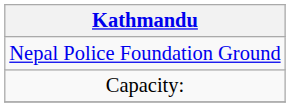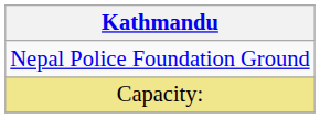 <table class="wikitable" style="margin:1em auto; text-align:center">
 <tr>
 <th><a href='#'>Kathmandu</a></th>
 </tr>
 <tr>
 <td><a href='#'>Nepal Police Foundation Ground</a></td>
 </tr>
 <tr>
-<td>Capacity: </td>
+<td style="background: khaki;">Capacity: </td>
 </tr>
 <tr>
 </tr>
 </table>
